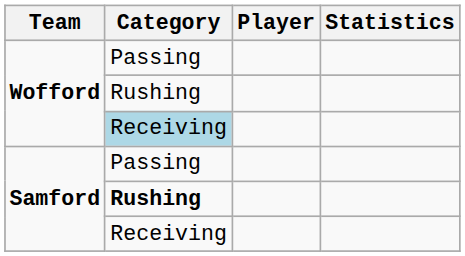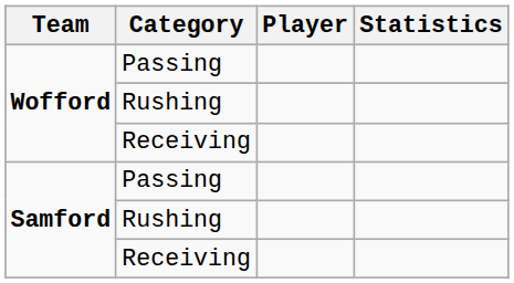 <table class="wikitable" style="float: right;">
 <tr>
 <th>Team</th>
 <th>Category</th>
 <th>Player</th>
 <th>Statistics</th>
 </tr>
 <tr>
 <td rowspan=3><strong>Wofford</strong></td>
 <td>Passing</td>
 <td></td>
 <td></td>
 </tr>
 <tr>
 <td>Rushing</td>
 <td></td>
 <td></td>
 </tr>
 <tr>
-<td style="background: lightblue;">Receiving</td>
+<td>Receiving</td>
 <td></td>
 <td></td>
 </tr>
 <tr>
 <td rowspan=3><strong>Samford</strong></td>
 <td>Passing</td>
 <td></td>
 <td></td>
 </tr>
 <tr>
-<td><strong>Rushing</strong></td>
+<td>Rushing</td>
 <td></td>
 <td></td>
 </tr>
 <tr>
 <td>Receiving</td>
 <td></td>
 <td></td>
 </tr>
 </table>
